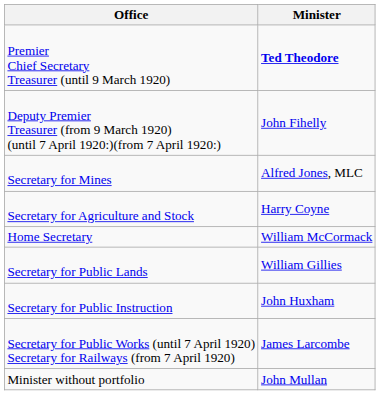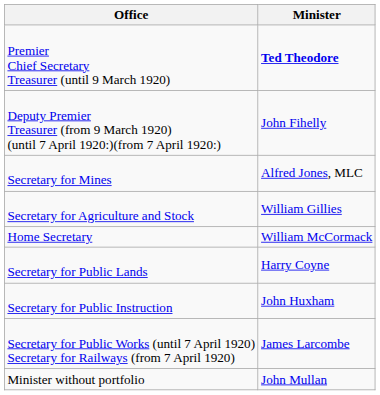 <table class="wikitable">
 <tr>
 <th>Office</th>
 <th>Minister</th>
 </tr>
 <tr>
 <td><br><a href='#'>Premier</a><br> <a href='#'>Chief Secretary</a><br> <a href='#'>Treasurer</a> (until 9 March 1920)<br></td>
 <td><strong><a href='#'>Ted Theodore</a></strong></td>
 </tr>
 <tr>
 <td><br><a href='#'>Deputy Premier</a><br> <a href='#'>Treasurer</a> (from 9 March 1920)<br>(until 7 April 1920:)(from 7 April 1920:)</td>
 <td><a href='#'>John Fihelly</a></td>
 </tr>
 <tr>
 <td><br><a href='#'>Secretary for Mines</a></td>
 <td><a href='#'>Alfred Jones</a>, MLC</td>
 </tr>
 <tr>
 <td><br><a href='#'>Secretary for Agriculture and Stock</a></td>
-<td><a href='#'>Harry Coyne</a></td>
+<td><a href='#'>William Gillies</a></td>
 </tr>
 <tr>
 <td><a href='#'>Home Secretary</a></td>
 <td><a href='#'>William McCormack</a></td>
 </tr>
 <tr>
 <td><br><a href='#'>Secretary for Public Lands</a></td>
-<td><a href='#'>William Gillies</a></td>
+<td><a href='#'>Harry Coyne</a></td>
 </tr>
 <tr>
 <td><br><a href='#'>Secretary for Public Instruction</a></td>
 <td><a href='#'>John Huxham</a></td>
 </tr>
 <tr>
 <td><br><a href='#'>Secretary for Public Works</a> (until 7 April 1920)<br> <a href='#'>Secretary for Railways</a> (from 7 April 1920)</td>
 <td><a href='#'>James Larcombe</a></td>
 </tr>
 <tr>
 <td>Minister without portfolio</td>
 <td><a href='#'>John Mullan</a></td>
 </tr>
 </table>
